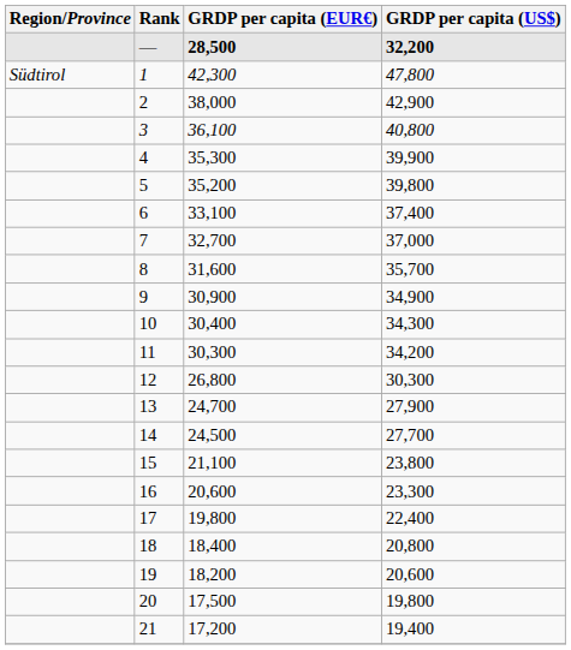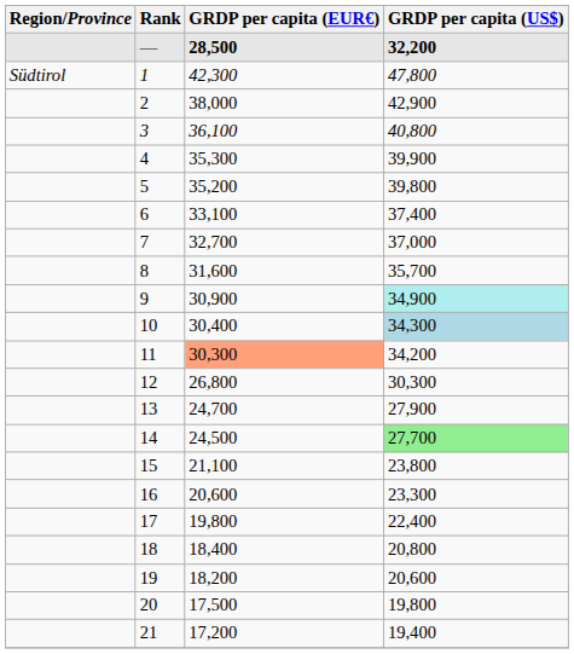 <table class="wikitable sortable">
 <tr align=center valign=middle>
 <th>Region/<em>Province</em></th>
 <th data-sort-type="number">Rank</th>
 <th data-sort-type="number">GRDP per capita (<a href='#'>EUR€</a>)</th>
 <th data-sort-type="number">GRDP per capita (<a href='#'>US$</a>)</th>
 </tr>
 <tr style="background:#e6e6e6">
 <td align=left><strong></strong></td>
 <td>—</td>
 <td><strong>28,500</strong></td>
 <td><strong>32,200</strong></td>
 </tr>
 <tr>
 <td align=left><em>Südtirol</em></td>
 <td><em>1</em></td>
 <td><em>42,300</em></td>
 <td><em>47,800</em></td>
 </tr>
 <tr>
 <td align=left></td>
 <td>2</td>
 <td>38,000</td>
 <td>42,900</td>
 </tr>
 <tr>
 <td align=left><em></em></td>
 <td><em>3</em></td>
 <td><em>36,100</em></td>
 <td><em>40,800</em></td>
 </tr>
 <tr>
 <td align=left></td>
 <td>4</td>
 <td>35,300</td>
 <td>39,900</td>
 </tr>
 <tr>
 <td align=left></td>
 <td>5</td>
 <td>35,200</td>
 <td>39,800</td>
 </tr>
 <tr>
 <td align=left></td>
 <td>6</td>
 <td>33,100</td>
 <td>37,400</td>
 </tr>
 <tr>
 <td align=left></td>
 <td>7</td>
 <td>32,700</td>
 <td>37,000</td>
 </tr>
 <tr>
 <td align=left></td>
 <td>8</td>
 <td>31,600</td>
 <td>35,700</td>
 </tr>
 <tr>
 <td align=left></td>
 <td>9</td>
 <td>30,900</td>
-<td>34,900</td>
+<td style="background: paleturquoise;">34,900</td>
 </tr>
 <tr>
 <td align=left></td>
 <td>10</td>
 <td>30,400</td>
-<td>34,300</td>
+<td style="background: lightblue;">34,300</td>
 </tr>
 <tr>
 <td align=left></td>
 <td>11</td>
-<td>30,300</td>
+<td style="background: lightsalmon;">30,300</td>
 <td>34,200</td>
 </tr>
 <tr>
 <td align=left></td>
 <td>12</td>
 <td>26,800</td>
 <td>30,300</td>
 </tr>
 <tr>
 <td align=left></td>
 <td>13</td>
 <td>24,700</td>
 <td>27,900</td>
 </tr>
 <tr>
 <td align=left></td>
 <td>14</td>
 <td>24,500</td>
-<td>27,700</td>
+<td style="background: lightgreen;">27,700</td>
 </tr>
 <tr>
 <td align=left></td>
 <td>15</td>
 <td>21,100</td>
 <td>23,800</td>
 </tr>
 <tr>
 <td align=left></td>
 <td>16</td>
 <td>20,600</td>
 <td>23,300</td>
 </tr>
 <tr>
 <td align=left></td>
 <td>17</td>
 <td>19,800</td>
 <td>22,400</td>
 </tr>
 <tr>
 <td align=left></td>
 <td>18</td>
 <td>18,400</td>
 <td>20,800</td>
 </tr>
 <tr>
 <td align=left></td>
 <td>19</td>
 <td>18,200</td>
 <td>20,600</td>
 </tr>
 <tr>
 <td align=left></td>
 <td>20</td>
 <td>17,500</td>
 <td>19,800</td>
 </tr>
 <tr>
 <td align=left></td>
 <td>21</td>
 <td>17,200</td>
 <td>19,400</td>
 </tr>
 <tr>
 </tr>
 </table>
